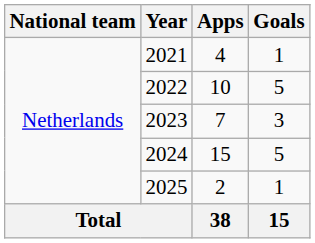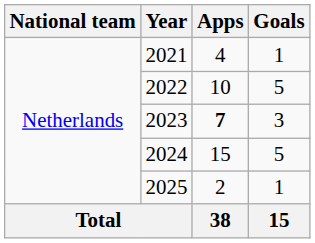 <table class="wikitable" style="text-align: center;">
 <tr>
 <th>National team</th>
 <th>Year</th>
 <th>Apps</th>
 <th>Goals</th>
 </tr>
 <tr>
 <td rowspan="5"><a href='#'>Netherlands</a></td>
 <td>2021</td>
 <td>4</td>
 <td>1</td>
 </tr>
 <tr>
 <td>2022</td>
 <td>10</td>
 <td>5</td>
 </tr>
 <tr>
 <td>2023</td>
-<td>7</td>
+<td><strong>7</strong></td>
 <td>3</td>
 </tr>
 <tr>
 <td>2024</td>
 <td>15</td>
 <td>5</td>
 </tr>
 <tr>
 <td>2025</td>
 <td>2</td>
 <td>1</td>
 </tr>
 <tr>
 <th colspan="2">Total</th>
 <th>38</th>
 <th>15</th>
 </tr>
 </table>
